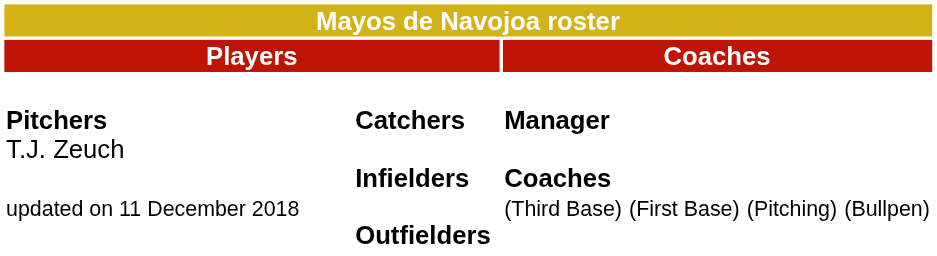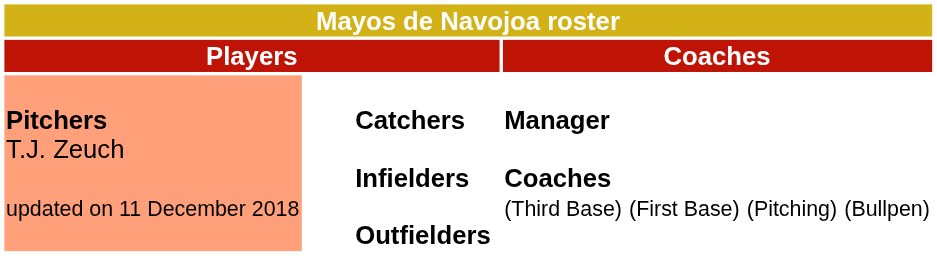 <table class="toccolours" style="font-size: 95%;">
 <tr>
 <th colspan="10" style="background-color: #D3B217; color:#FFFFFF; text-align: center;"><strong>Mayos de Navojoa roster</strong></th>
 </tr>
 <tr>
 <td colspan="4" style="background-color: #BF1405; color: #FFFFFF; text-align: center;"><strong>Players</strong></td>
 <td colspan="2" style="background-color: #BF1405; color: #FFFFFF; text-align: center;"><strong>Coaches</strong></td>
 </tr>
 <tr>
-<td style="vertical-align:top;text-align:left;"><br><strong>Pitchers</strong><br>T.J. Zeuch<br>                <br><small><span></span> updated on 11 December 2018</small></td>
+<td style="background: lightsalmon; vertical-align:top;text-align:left;"><br><strong>Pitchers</strong><br>T.J. Zeuch<br>                <br><small><span></span> updated on 11 December 2018</small></td>
 <td width="25px"></td>
 <td style="vertical-align:top;text-align:left;"><br><strong>Catchers</strong><br>  <br><strong>Infielders</strong><br>      <br><strong>Outfielders</strong><br>    </td>
 <td style="vertical-align:top;text-align:left;"></td>
 <td style="vertical-align:top;text-align:left;"><br><strong>Manager</strong><br><br><strong>Coaches</strong><br> <small>(Third Base)</small>  <small>(First Base)</small>  <small>(Pitching)</small>  <small>(Bullpen)</small></td>
 </tr>
 </table>
